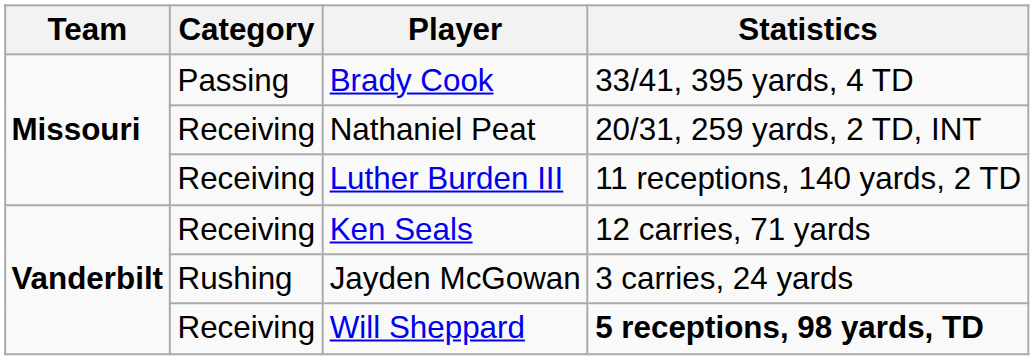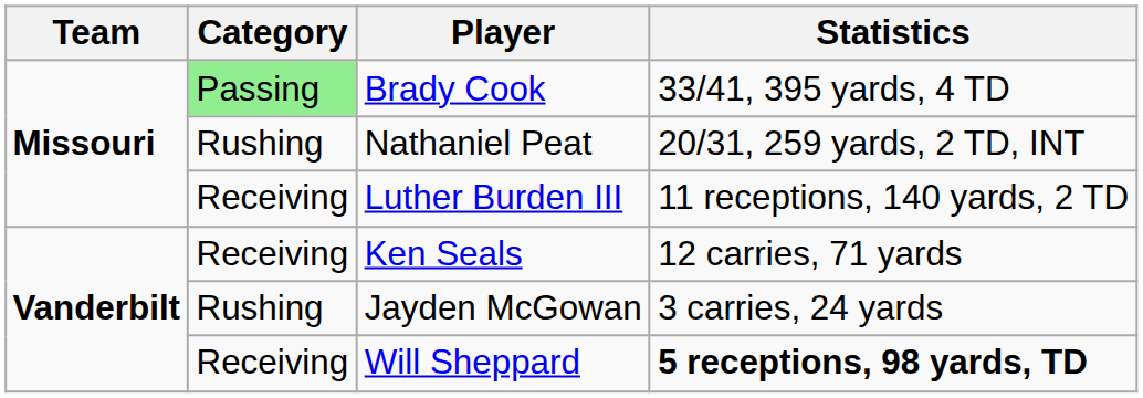 <table class="wikitable" style="float: right;">
 <tr>
 <th>Team</th>
 <th>Category</th>
 <th>Player</th>
 <th>Statistics</th>
 </tr>
 <tr>
 <td rowspan=3><strong>Missouri</strong></td>
-<td>Passing</td>
+<td style="background: lightgreen;">Passing</td>
 <td><a href='#'>Brady Cook</a></td>
 <td>33/41, 395 yards, 4 TD</td>
 </tr>
 <tr>
-<td>Receiving</td>
+<td>Rushing</td>
 <td>Nathaniel Peat</td>
 <td>20/31, 259 yards, 2 TD, INT</td>
 </tr>
 <tr>
 <td>Receiving</td>
 <td><a href='#'>Luther Burden III</a></td>
 <td>11 receptions, 140 yards, 2 TD</td>
 </tr>
 <tr>
 <td rowspan=3><strong>Vanderbilt</strong></td>
 <td>Receiving</td>
 <td><a href='#'>Ken Seals</a></td>
 <td>12 carries, 71 yards</td>
 </tr>
 <tr>
 <td>Rushing</td>
 <td>Jayden McGowan</td>
 <td>3 carries, 24 yards</td>
 </tr>
 <tr>
 <td>Receiving</td>
 <td><a href='#'>Will Sheppard</a></td>
 <td><strong>5 receptions, 98 yards, TD</strong></td>
 </tr>
 </table>
